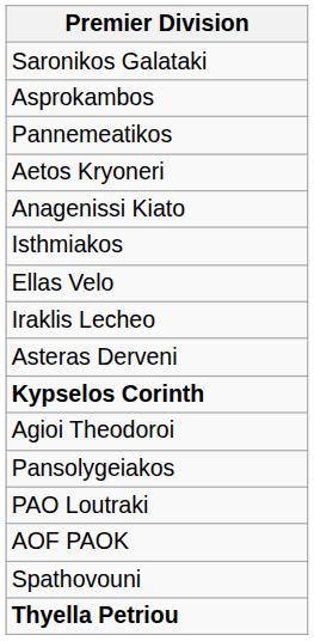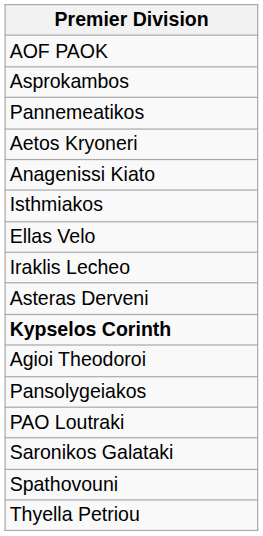 <table class="wikitable" style="text-align:left;margin-left:1em;">
 <tr>
 <th width="200"><strong>Premier Division</strong></th>
 </tr>
 <tr>
-<td>Saronikos Galataki</td>
+<td>AOF PAOK</td>
 </tr>
 <tr>
 <td>Asprokambos</td>
 </tr>
 <tr>
 <td>Pannemeatikos</td>
 </tr>
 <tr>
 <td>Aetos Kryoneri</td>
 </tr>
 <tr>
 <td>Anagenissi Kiato</td>
 </tr>
 <tr>
 <td>Isthmiakos</td>
 </tr>
 <tr>
 <td>Ellas Velo</td>
 </tr>
 <tr>
 <td>Iraklis Lecheo</td>
 </tr>
 <tr>
 <td>Asteras Derveni</td>
 </tr>
 <tr>
 <td><strong>Kypselos Corinth</strong></td>
 </tr>
 <tr>
 <td>Agioi Theodoroi</td>
 </tr>
 <tr>
 <td>Pansolygeiakos</td>
 </tr>
 <tr>
 <td>PAO Loutraki</td>
 </tr>
 <tr>
-<td>AOF PAOK</td>
+<td>Saronikos Galataki</td>
 </tr>
 <tr>
 <td>Spathovouni</td>
 </tr>
 <tr>
-<td><strong>Thyella Petriou</strong></td>
+<td>Thyella Petriou</td>
 </tr>
 </table>
